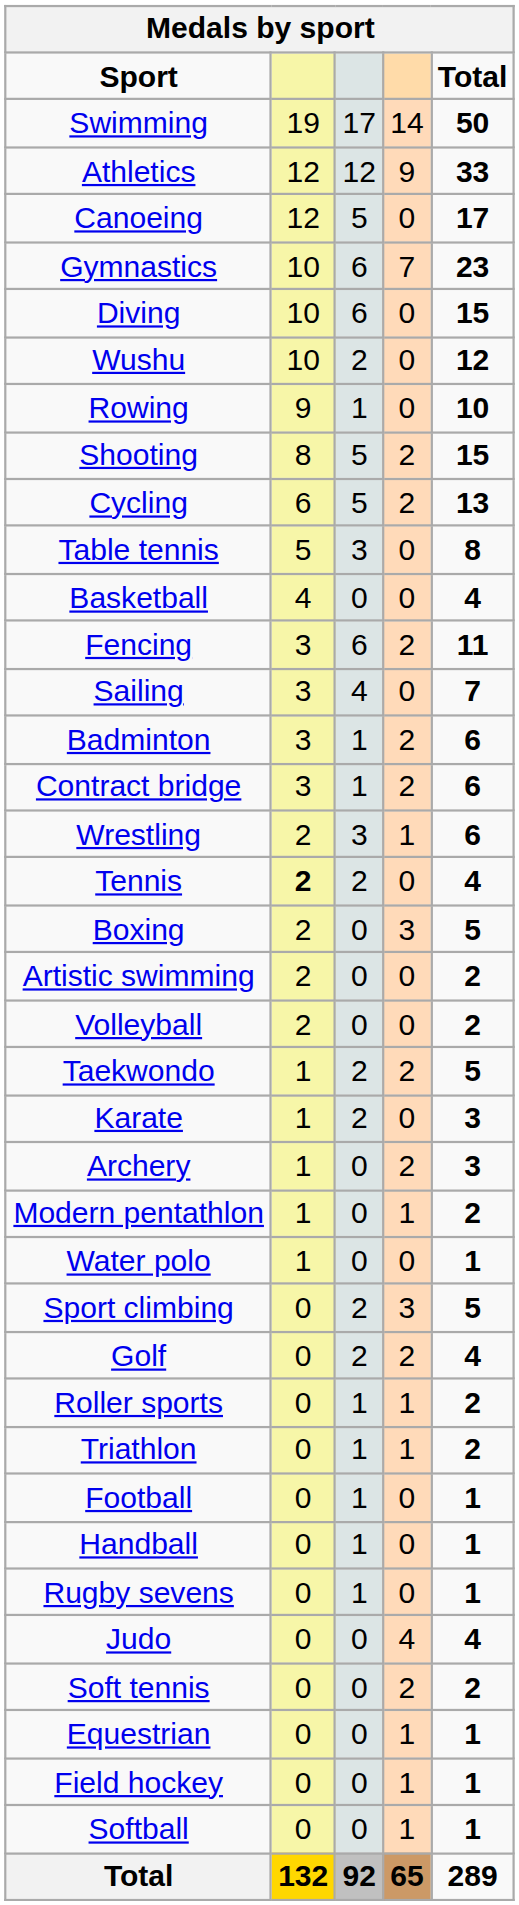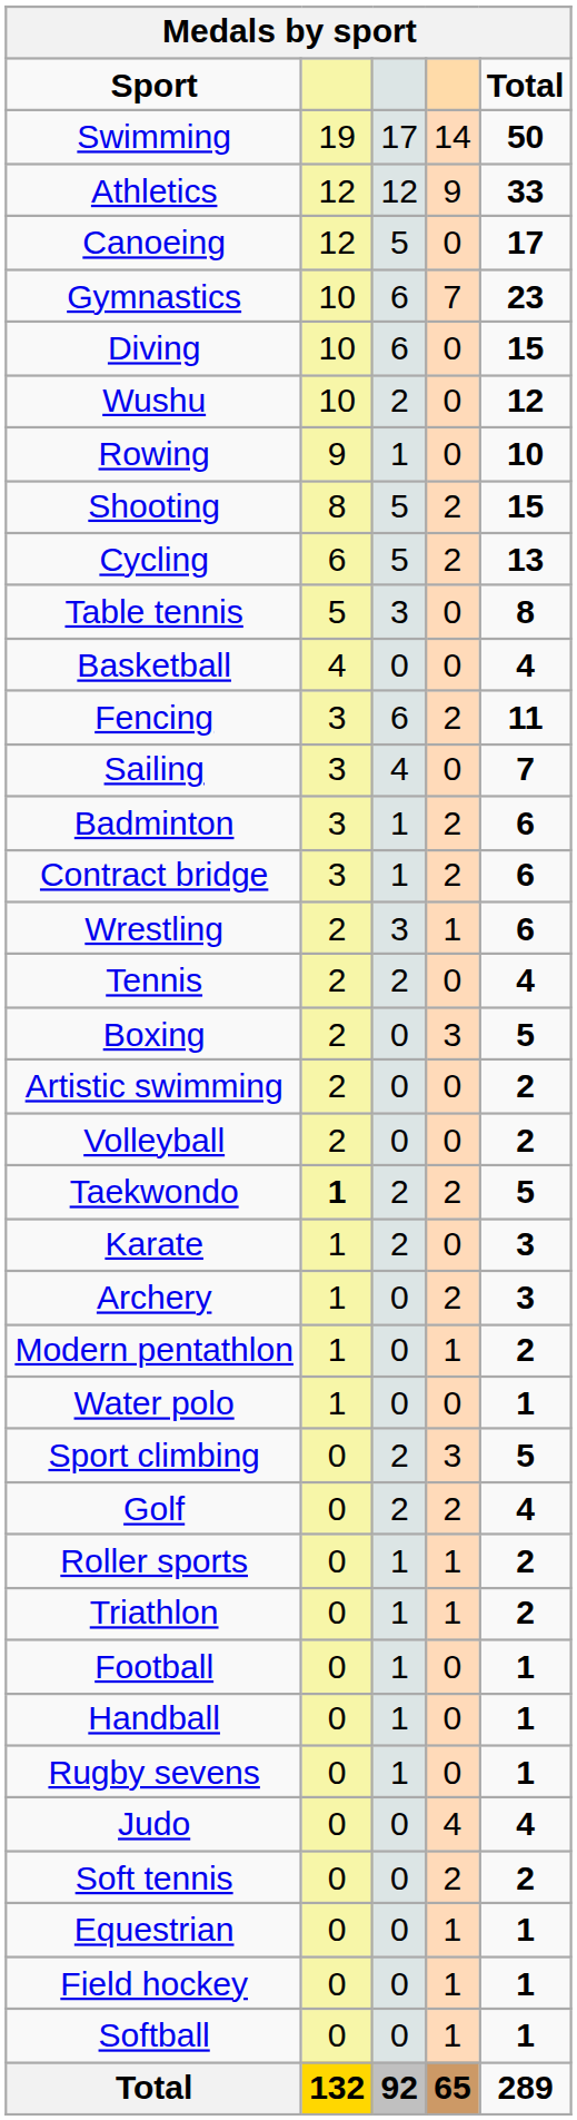 <table class=wikitable style="font-size:85%;text-align:center;float:right;clear:right;margin-left:1em;">
 <tr bgcolor=EFEFEF>
 <th colspan=7>Medals by sport</th>
 </tr>
 <tr>
 <td><strong>Sport</strong></td>
 <td bgcolor=F7F6A8></td>
 <td bgcolor=DCE5E5></td>
 <td bgcolor=FFDBA9></td>
 <td><strong>Total</strong></td>
 </tr>
 <tr>
 <td><a href='#'>Swimming</a></td>
 <td bgcolor=F7F6A8>19</td>
 <td bgcolor=DCE5E5>17</td>
 <td bgcolor=FFDAB9>14</td>
 <td><strong>50</strong></td>
 </tr>
 <tr>
 <td><a href='#'>Athletics</a></td>
 <td bgcolor=F7F6A8>12</td>
 <td bgcolor=DCE5E5>12</td>
 <td bgcolor=FFDAB9>9</td>
 <td><strong>33</strong></td>
 </tr>
 <tr>
 <td><a href='#'>Canoeing</a></td>
 <td bgcolor=F7F6A8>12</td>
 <td bgcolor=DCE5E5>5</td>
 <td bgcolor=FFDAB9>0</td>
 <td><strong>17</strong></td>
 </tr>
 <tr>
 <td><a href='#'>Gymnastics</a></td>
 <td bgcolor=F7F6A8>10</td>
 <td bgcolor=DCE5E5>6</td>
 <td bgcolor=FFDAB9>7</td>
 <td><strong>23</strong></td>
 </tr>
 <tr>
 <td><a href='#'>Diving</a></td>
 <td bgcolor=F7F6A8>10</td>
 <td bgcolor=DCE5E5>6</td>
 <td bgcolor=FFDAB9>0</td>
 <td><strong>15</strong></td>
 </tr>
 <tr>
 <td><a href='#'>Wushu</a></td>
 <td bgcolor=F7F6A8>10</td>
 <td bgcolor=DCE5E5>2</td>
 <td bgcolor=FFDAB9>0</td>
 <td><strong>12</strong></td>
 </tr>
 <tr>
 <td><a href='#'>Rowing</a></td>
 <td bgcolor=F7F6A8>9</td>
 <td bgcolor=DCE5E5>1</td>
 <td bgcolor=FFDAB9>0</td>
 <td><strong>10</strong></td>
 </tr>
 <tr>
 <td><a href='#'>Shooting</a></td>
 <td bgcolor=F7F6A8>8</td>
 <td bgcolor=DCE5E5>5</td>
 <td bgcolor=FFDAB9>2</td>
 <td><strong>15</strong></td>
 </tr>
 <tr>
 <td><a href='#'>Cycling</a></td>
 <td bgcolor=F7F6A8>6</td>
 <td bgcolor=DCE5E5>5</td>
 <td bgcolor=FFDAB9>2</td>
 <td><strong>13</strong></td>
 </tr>
 <tr>
 <td><a href='#'>Table tennis</a></td>
 <td bgcolor=F7F6A8>5</td>
 <td bgcolor=DCE5E5>3</td>
 <td bgcolor=FFDAB9>0</td>
 <td><strong>8</strong></td>
 </tr>
 <tr>
 <td><a href='#'>Basketball</a></td>
 <td bgcolor=F7F6A8>4</td>
 <td bgcolor=DCE5E5>0</td>
 <td bgcolor=FFDAB9>0</td>
 <td><strong>4</strong></td>
 </tr>
 <tr>
 <td><a href='#'>Fencing</a></td>
 <td bgcolor=F7F6A8>3</td>
 <td bgcolor=DCE5E5>6</td>
 <td bgcolor=FFDAB9>2</td>
 <td><strong>11</strong></td>
 </tr>
 <tr>
 <td><a href='#'>Sailing</a></td>
 <td bgcolor=F7F6A8>3</td>
 <td bgcolor=DCE5E5>4</td>
 <td bgcolor=FFDAB9>0</td>
 <td><strong>7</strong></td>
 </tr>
 <tr>
 <td><a href='#'>Badminton</a></td>
 <td bgcolor=F7F6A8>3</td>
 <td bgcolor=DCE5E5>1</td>
 <td bgcolor=FFDAB9>2</td>
 <td><strong>6</strong></td>
 </tr>
 <tr>
 <td><a href='#'>Contract bridge</a></td>
 <td bgcolor=F7F6A8>3</td>
 <td bgcolor=DCE5E5>1</td>
 <td bgcolor=FFDAB9>2</td>
 <td><strong>6</strong></td>
 </tr>
 <tr>
 <td><a href='#'>Wrestling</a></td>
 <td bgcolor=F7F6A8>2</td>
 <td bgcolor=DCE5E5>3</td>
 <td bgcolor=FFDAB9>1</td>
 <td><strong>6</strong></td>
 </tr>
 <tr>
 <td><a href='#'>Tennis</a></td>
-<td bgcolor=F7F6A8><strong>2</strong></td>
+<td bgcolor=F7F6A8>2</td>
 <td bgcolor=DCE5E5>2</td>
 <td bgcolor=FFDAB9>0</td>
 <td><strong>4</strong></td>
 </tr>
 <tr>
 <td><a href='#'>Boxing</a></td>
 <td bgcolor=F7F6A8>2</td>
 <td bgcolor=DCE5E5>0</td>
 <td bgcolor=FFDAB9>3</td>
 <td><strong>5</strong></td>
 </tr>
 <tr>
 <td><a href='#'>Artistic swimming</a></td>
 <td bgcolor=F7F6A8>2</td>
 <td bgcolor=DCE5E5>0</td>
 <td bgcolor=FFDAB9>0</td>
 <td><strong>2</strong></td>
 </tr>
 <tr>
 <td><a href='#'>Volleyball</a></td>
 <td bgcolor=F7F6A8>2</td>
 <td bgcolor=DCE5E5>0</td>
 <td bgcolor=FFDAB9>0</td>
 <td><strong>2</strong></td>
 </tr>
 <tr>
 <td><a href='#'>Taekwondo</a></td>
-<td bgcolor=F7F6A8>1</td>
+<td bgcolor=F7F6A8><strong>1</strong></td>
 <td bgcolor=DCE5E5>2</td>
 <td bgcolor=FFDAB9>2</td>
 <td><strong>5</strong></td>
 </tr>
 <tr>
 <td><a href='#'>Karate</a></td>
 <td bgcolor=F7F6A8>1</td>
 <td bgcolor=DCE5E5>2</td>
 <td bgcolor=FFDAB9>0</td>
 <td><strong>3</strong></td>
 </tr>
 <tr>
 <td><a href='#'>Archery</a></td>
 <td bgcolor=F7F6A8>1</td>
 <td bgcolor=DCE5E5>0</td>
 <td bgcolor=FFDAB9>2</td>
 <td><strong>3</strong></td>
 </tr>
 <tr>
 <td><a href='#'>Modern pentathlon</a></td>
 <td bgcolor=F7F6A8>1</td>
 <td bgcolor=DCE5E5>0</td>
 <td bgcolor=FFDAB9>1</td>
 <td><strong>2</strong></td>
 </tr>
 <tr>
 <td><a href='#'>Water polo</a></td>
 <td bgcolor=F7F6A8>1</td>
 <td bgcolor=DCE5E5>0</td>
 <td bgcolor=FFDAB9>0</td>
 <td><strong>1</strong></td>
 </tr>
 <tr>
 <td><a href='#'>Sport climbing</a></td>
 <td bgcolor=F7F6A8>0</td>
 <td bgcolor=DCE5E5>2</td>
 <td bgcolor=FFDAB9>3</td>
 <td><strong>5</strong></td>
 </tr>
 <tr>
 <td><a href='#'>Golf</a></td>
 <td bgcolor=F7F6A8>0</td>
 <td bgcolor=DCE5E5>2</td>
 <td bgcolor=FFDAB9>2</td>
 <td><strong>4</strong></td>
 </tr>
 <tr>
 <td><a href='#'>Roller sports</a></td>
 <td bgcolor=F7F6A8>0</td>
 <td bgcolor=DCE5E5>1</td>
 <td bgcolor=FFDAB9>1</td>
 <td><strong>2</strong></td>
 </tr>
 <tr>
 <td><a href='#'>Triathlon</a></td>
 <td bgcolor=F7F6A8>0</td>
 <td bgcolor=DCE5E5>1</td>
 <td bgcolor=FFDAB9>1</td>
 <td><strong>2</strong></td>
 </tr>
 <tr>
 <td><a href='#'>Football</a></td>
 <td bgcolor=F7F6A8>0</td>
 <td bgcolor=DCE5E5>1</td>
 <td bgcolor=FFDAB9>0</td>
 <td><strong>1</strong></td>
 </tr>
 <tr>
 <td><a href='#'>Handball</a></td>
 <td bgcolor=F7F6A8>0</td>
 <td bgcolor=DCE5E5>1</td>
 <td bgcolor=FFDAB9>0</td>
 <td><strong>1</strong></td>
 </tr>
 <tr>
 <td><a href='#'>Rugby sevens</a></td>
 <td bgcolor=F7F6A8>0</td>
 <td bgcolor=DCE5E5>1</td>
 <td bgcolor=FFDAB9>0</td>
 <td><strong>1</strong></td>
 </tr>
 <tr>
 <td><a href='#'>Judo</a></td>
 <td bgcolor=F7F6A8>0</td>
 <td bgcolor=DCE5E5>0</td>
 <td bgcolor=FFDAB9>4</td>
 <td><strong>4</strong></td>
 </tr>
 <tr>
 <td><a href='#'>Soft tennis</a></td>
 <td bgcolor=F7F6A8>0</td>
 <td bgcolor=DCE5E5>0</td>
 <td bgcolor=FFDAB9>2</td>
 <td><strong>2</strong></td>
 </tr>
 <tr>
 <td><a href='#'>Equestrian</a></td>
 <td bgcolor=F7F6A8>0</td>
 <td bgcolor=DCE5E5>0</td>
 <td bgcolor=FFDAB9>1</td>
 <td><strong>1</strong></td>
 </tr>
 <tr>
 <td><a href='#'>Field hockey</a></td>
 <td bgcolor=F7F6A8>0</td>
 <td bgcolor=DCE5E5>0</td>
 <td bgcolor=FFDAB9>1</td>
 <td><strong>1</strong></td>
 </tr>
 <tr>
 <td><a href='#'>Softball</a></td>
 <td bgcolor=F7F6A8>0</td>
 <td bgcolor=DCE5E5>0</td>
 <td bgcolor=FFDAB9>1</td>
 <td><strong>1</strong></td>
 </tr>
 <tr>
 <th>Total</th>
 <td style="background:gold;"><strong>132</strong></td>
 <td style="background:silver;"><strong>92</strong></td>
 <td style="background:#c96;"><strong>65</strong></td>
 <td><strong>289</strong></td>
 </tr>
 </table>
